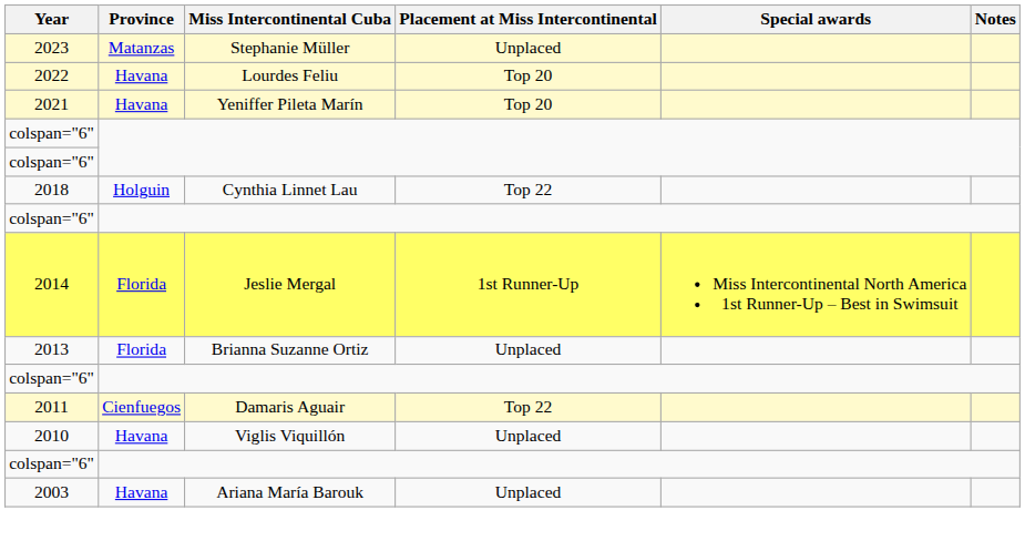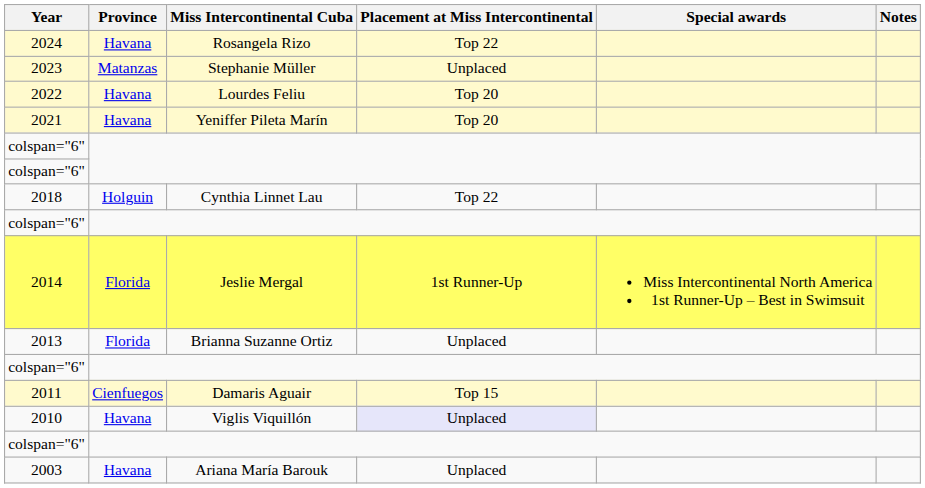 <table class="wikitable " style="font-size: 90%; text-align:center;">
 <tr>
 <th>Year</th>
 <th>Province</th>
 <th>Miss Intercontinental Cuba</th>
 <th>Placement at Miss Intercontinental</th>
 <th>Special awards</th>
 <th>Notes</th>
+</tr>
+<tr style="background-color:#FFFACD">
+<td>2024</td>
+<td><a href='#'>Havana</a></td>
+<td>Rosangela Rizo</td>
+<td>Top 22</td>
+<td></td>
+<td></td>
 </tr>
 <tr style="background-color:#FFFACD">
 <td>2023</td>
 <td><a href='#'>Matanzas</a></td>
 <td>Stephanie Müller</td>
 <td>Unplaced</td>
 <td></td>
 <td></td>
 </tr>
 <tr style="background-color:#FFFACD">
 <td>2022</td>
 <td><a href='#'>Havana</a></td>
 <td>Lourdes Feliu</td>
 <td>Top 20</td>
 <td></td>
 <td></td>
 </tr>
 <tr style="background-color:#FFFACD">
 <td>2021</td>
 <td><a href='#'>Havana</a></td>
 <td>Yeniffer Pileta Marín</td>
 <td>Top 20</td>
 <td></td>
 <td></td>
 </tr>
 <tr>
 <td>colspan="6" </td>
 </tr>
 <tr>
 <td>colspan="6" </td>
 </tr>
 <tr>
 <td>2018</td>
 <td><a href='#'>Holguin</a></td>
 <td>Cynthia Linnet Lau</td>
 <td>Top 22</td>
 <td></td>
 <td></td>
 </tr>
 <tr>
 <td>colspan="6" </td>
 </tr>
 <tr style="background-color:#FFFF66">
 <td>2014</td>
 <td><a href='#'>Florida</a></td>
 <td>Jeslie Mergal</td>
 <td>1st Runner-Up</td>
 <td><br><ul><li>Miss Intercontinental North America</li><li>1st Runner-Up – Best in Swimsuit</li></ul></td>
 <td></td>
 </tr>
 <tr>
 <td>2013</td>
 <td><a href='#'>Florida</a></td>
 <td>Brianna Suzanne Ortiz</td>
 <td>Unplaced</td>
 <td></td>
 <td></td>
 </tr>
 <tr>
 <td>colspan="6" </td>
 </tr>
 <tr style="background-color:#FFFACD">
 <td>2011</td>
 <td><a href='#'>Cienfuegos</a></td>
 <td>Damaris Aguair</td>
-<td>Top 22</td>
+<td>Top 15</td>
 <td></td>
 <td></td>
 </tr>
 <tr>
 <td>2010</td>
 <td><a href='#'>Havana</a></td>
 <td>Viglis Viquillón</td>
-<td>Unplaced</td>
+<td style="background: lavender;">Unplaced</td>
 <td></td>
 <td></td>
 </tr>
 <tr>
 <td>colspan="6" </td>
 </tr>
 <tr>
 <td>2003</td>
 <td><a href='#'>Havana</a></td>
 <td>Ariana María Barouk</td>
 <td>Unplaced</td>
 <td></td>
 <td></td>
 </tr>
 </table>
